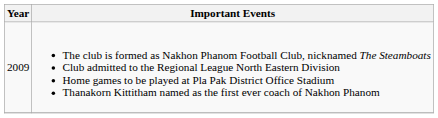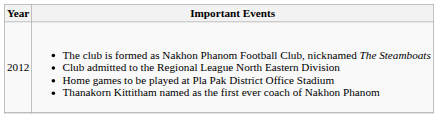 <table class="wikitable">
 <tr>
 <th>Year</th>
 <th>Important Events</th>
 </tr>
 <tr>
-<td>2009</td>
+<td>2012</td>
 <td><br><ul><li>The club is formed as Nakhon Phanom Football Club, nicknamed <em>The Steamboats</em></li><li>Club admitted to the Regional League North Eastern Division</li><li>Home games to be played at Pla Pak District Office Stadium</li><li>Thanakorn Kittitham named as the first ever coach of Nakhon Phanom</li></ul></td>
 </tr>
 <tr>
 </tr>
 </table>
